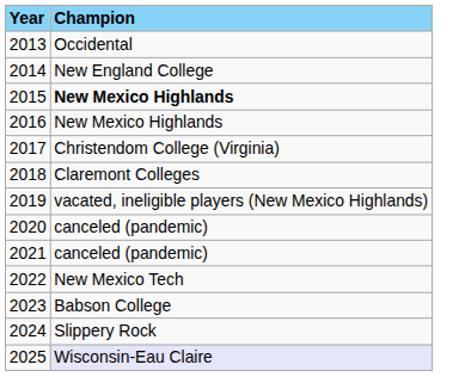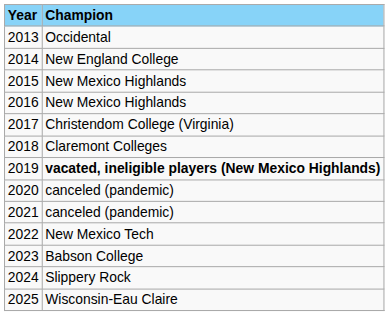 <table class="wikitable" style="font-size:85%;">
 <tr ! style="background-color: #87D3F8;">
 <td><strong>Year</strong></td>
 <td><strong>Champion</strong></td>
 </tr>
 <tr --->
 <td>2013</td>
 <td>Occidental</td>
 </tr>
 <tr --->
 <td>2014</td>
 <td>New England College</td>
 </tr>
 <tr --->
 <td>2015</td>
-<td><strong>New Mexico Highlands</strong></td>
+<td>New Mexico Highlands</td>
 </tr>
 <tr --->
 <td>2016</td>
 <td>New Mexico Highlands</td>
 </tr>
 <tr --->
 <td>2017</td>
 <td>Christendom College (Virginia)</td>
 </tr>
 <tr --->
 <td>2018</td>
 <td>Claremont Colleges</td>
 </tr>
 <tr --->
 <td>2019</td>
-<td>vacated, ineligible players (New Mexico Highlands)</td>
+<td><strong>vacated, ineligible players (New Mexico Highlands)</strong></td>
 </tr>
 <tr --->
 <td>2020</td>
 <td>canceled (pandemic)</td>
 </tr>
 <tr --->
 <td>2021</td>
 <td>canceled (pandemic)</td>
 </tr>
 <tr --->
 <td>2022</td>
 <td>New Mexico Tech</td>
 </tr>
 <tr --->
 <td>2023</td>
 <td>Babson College</td>
 </tr>
 <tr --->
 <td>2024</td>
 <td>Slippery Rock</td>
 </tr>
 <tr --->
 <td>2025</td>
-<td style="background: lavender;">Wisconsin-Eau Claire</td>
+<td>Wisconsin-Eau Claire</td>
 </tr>
 <tr --->
 </tr>
 </table>
